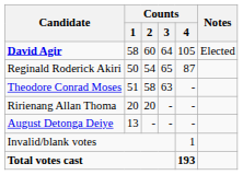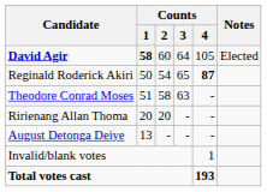 <table class=wikitable style=text-align:right>
 <tr>
 <th rowspan=2>Candidate</th>
 <th colspan=4>Counts</th>
 <th rowspan=2>Notes</th>
 </tr>
 <tr>
 <th>1</th>
 <th>2</th>
 <th>3</th>
 <th>4</th>
 </tr>
 <tr>
 <td align=left><strong><a href='#'>David Agir</a></strong></td>
-<td>58</td>
+<td><strong>58</strong></td>
 <td>60</td>
 <td>64</td>
 <td>105</td>
 <td align=left>Elected</td>
 </tr>
 <tr>
 <td align=left>Reginald Roderick Akiri</td>
 <td>50</td>
 <td>54</td>
 <td>65</td>
-<td>87</td>
+<td><strong>87</strong></td>
 <td align=left></td>
 </tr>
 <tr>
 <td align=left><a href='#'>Theodore Conrad Moses</a></td>
 <td>51</td>
 <td>58</td>
 <td>63</td>
 <td>-</td>
 <td align=left></td>
 </tr>
 <tr>
 <td align=left>Ririenang Allan Thoma</td>
 <td>20</td>
 <td>20</td>
 <td>-</td>
 <td>-</td>
 <td align=left></td>
 </tr>
 <tr>
 <td align=left><a href='#'>August Detonga Deiye</a></td>
 <td>13</td>
 <td>-</td>
 <td>-</td>
 <td>-</td>
 <td align=left></td>
 </tr>
 <tr>
 <td align=left colspan=4>Invalid/blank votes</td>
 <td>1</td>
 <td></td>
 </tr>
 <tr>
 <td align=left colspan=4><strong>Total votes cast</strong></td>
 <td><strong>193</strong></td>
 <td></td>
 </tr>
 </table>
